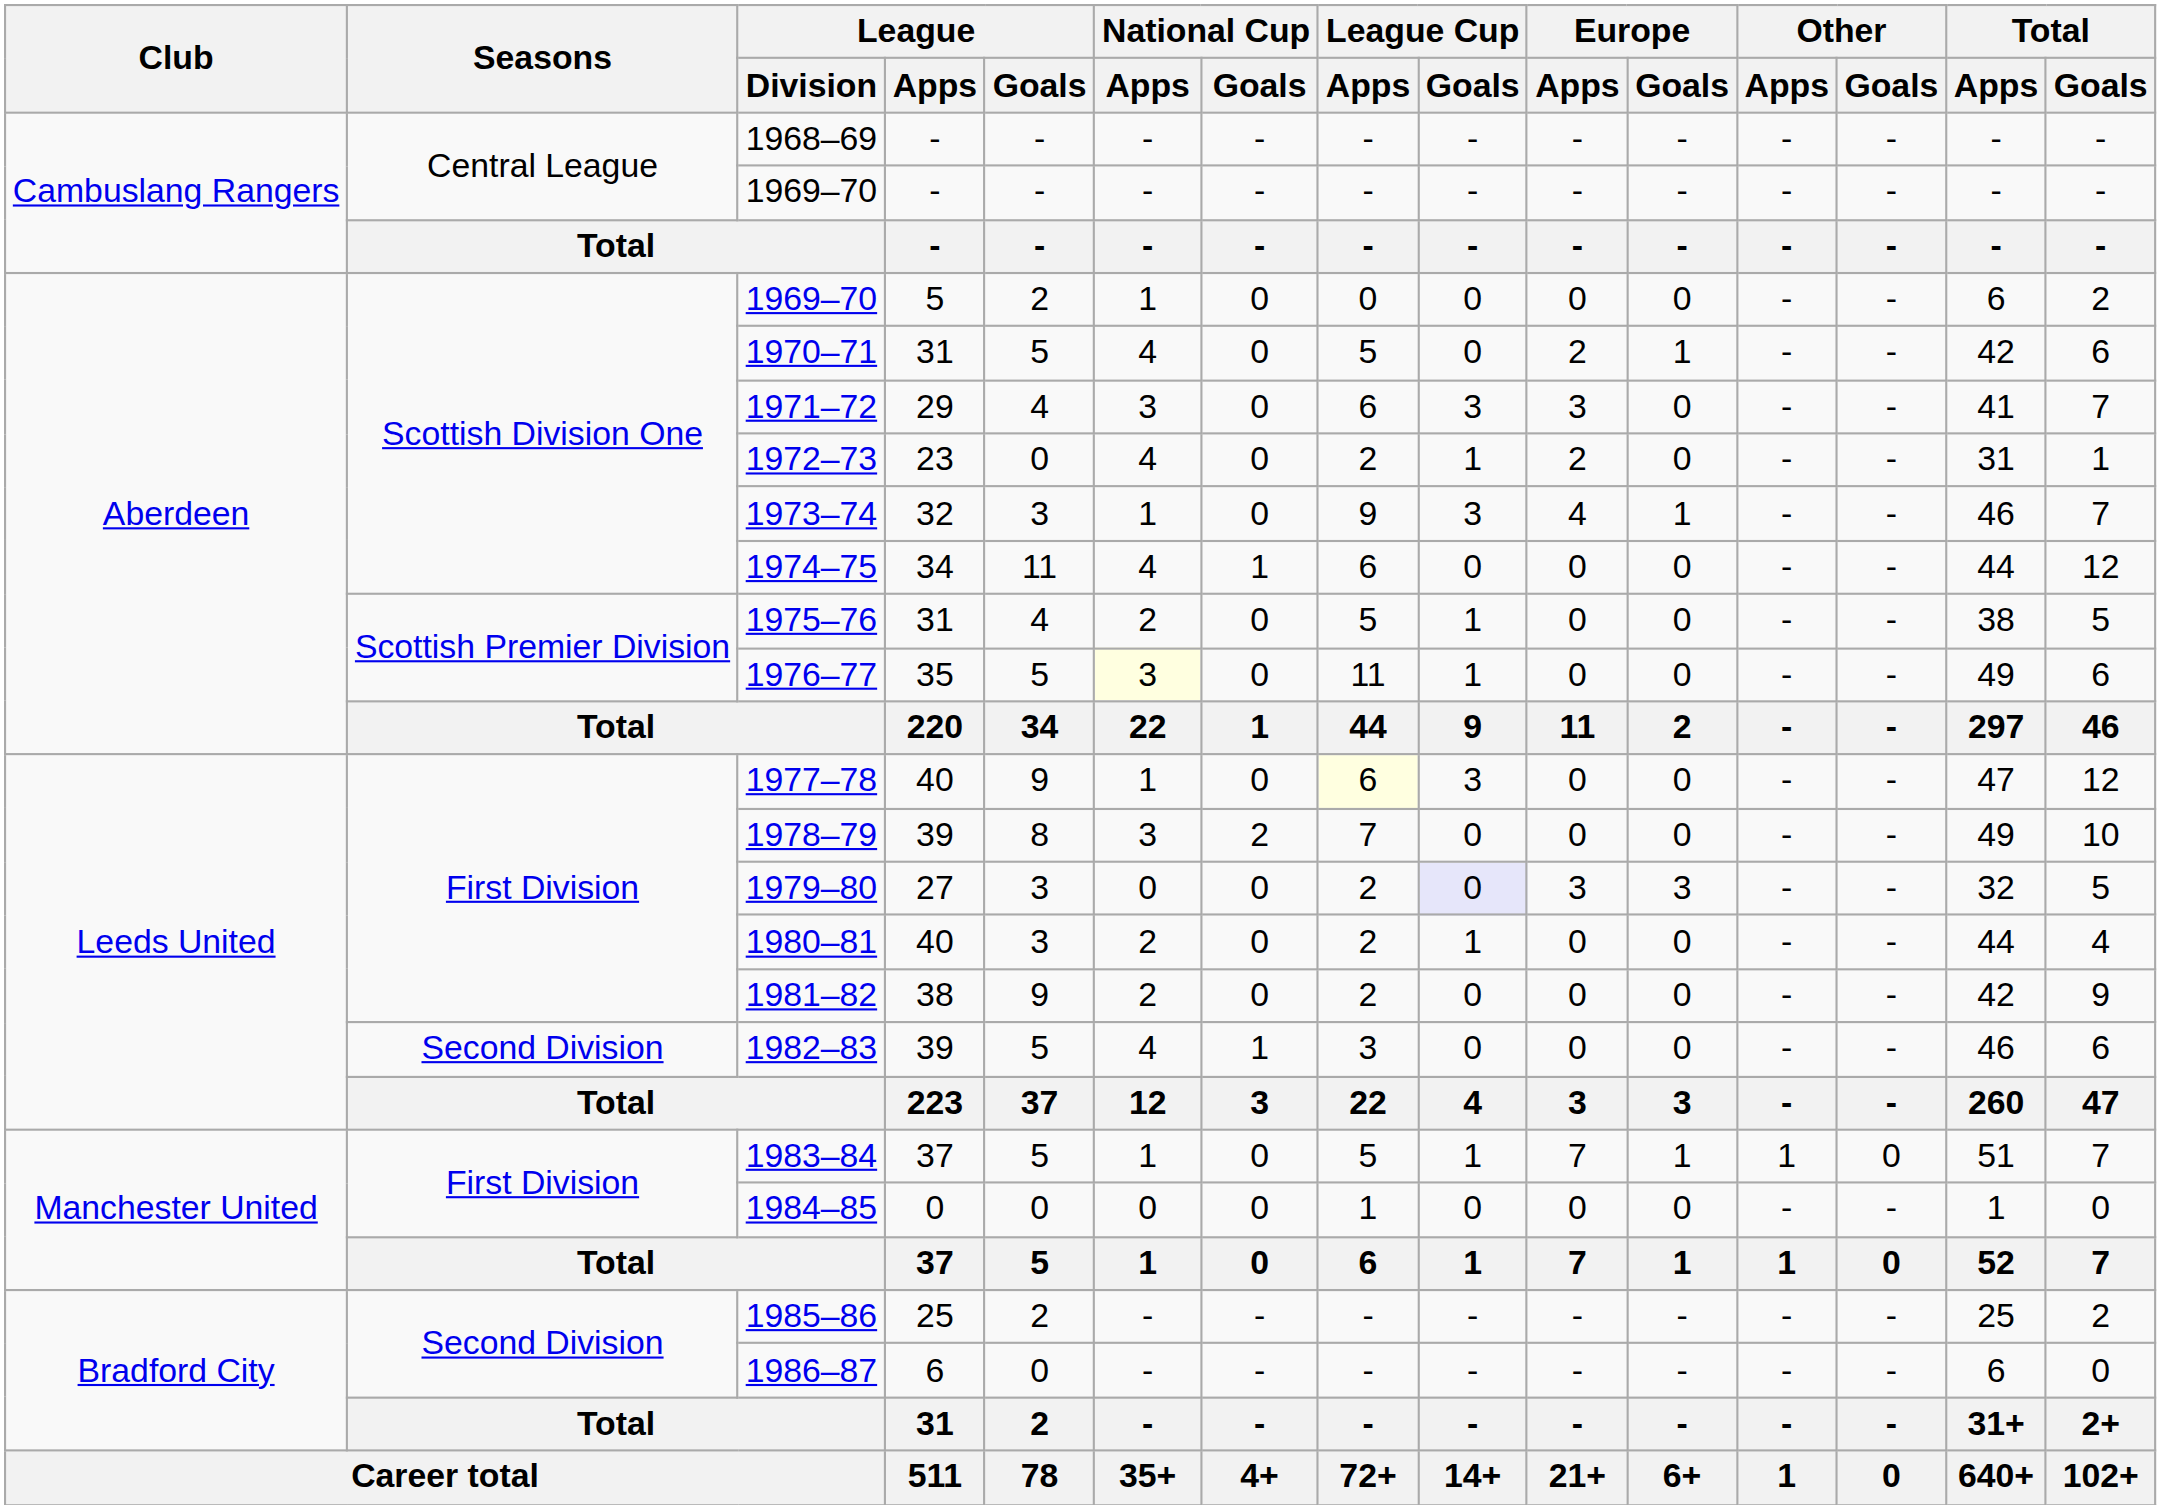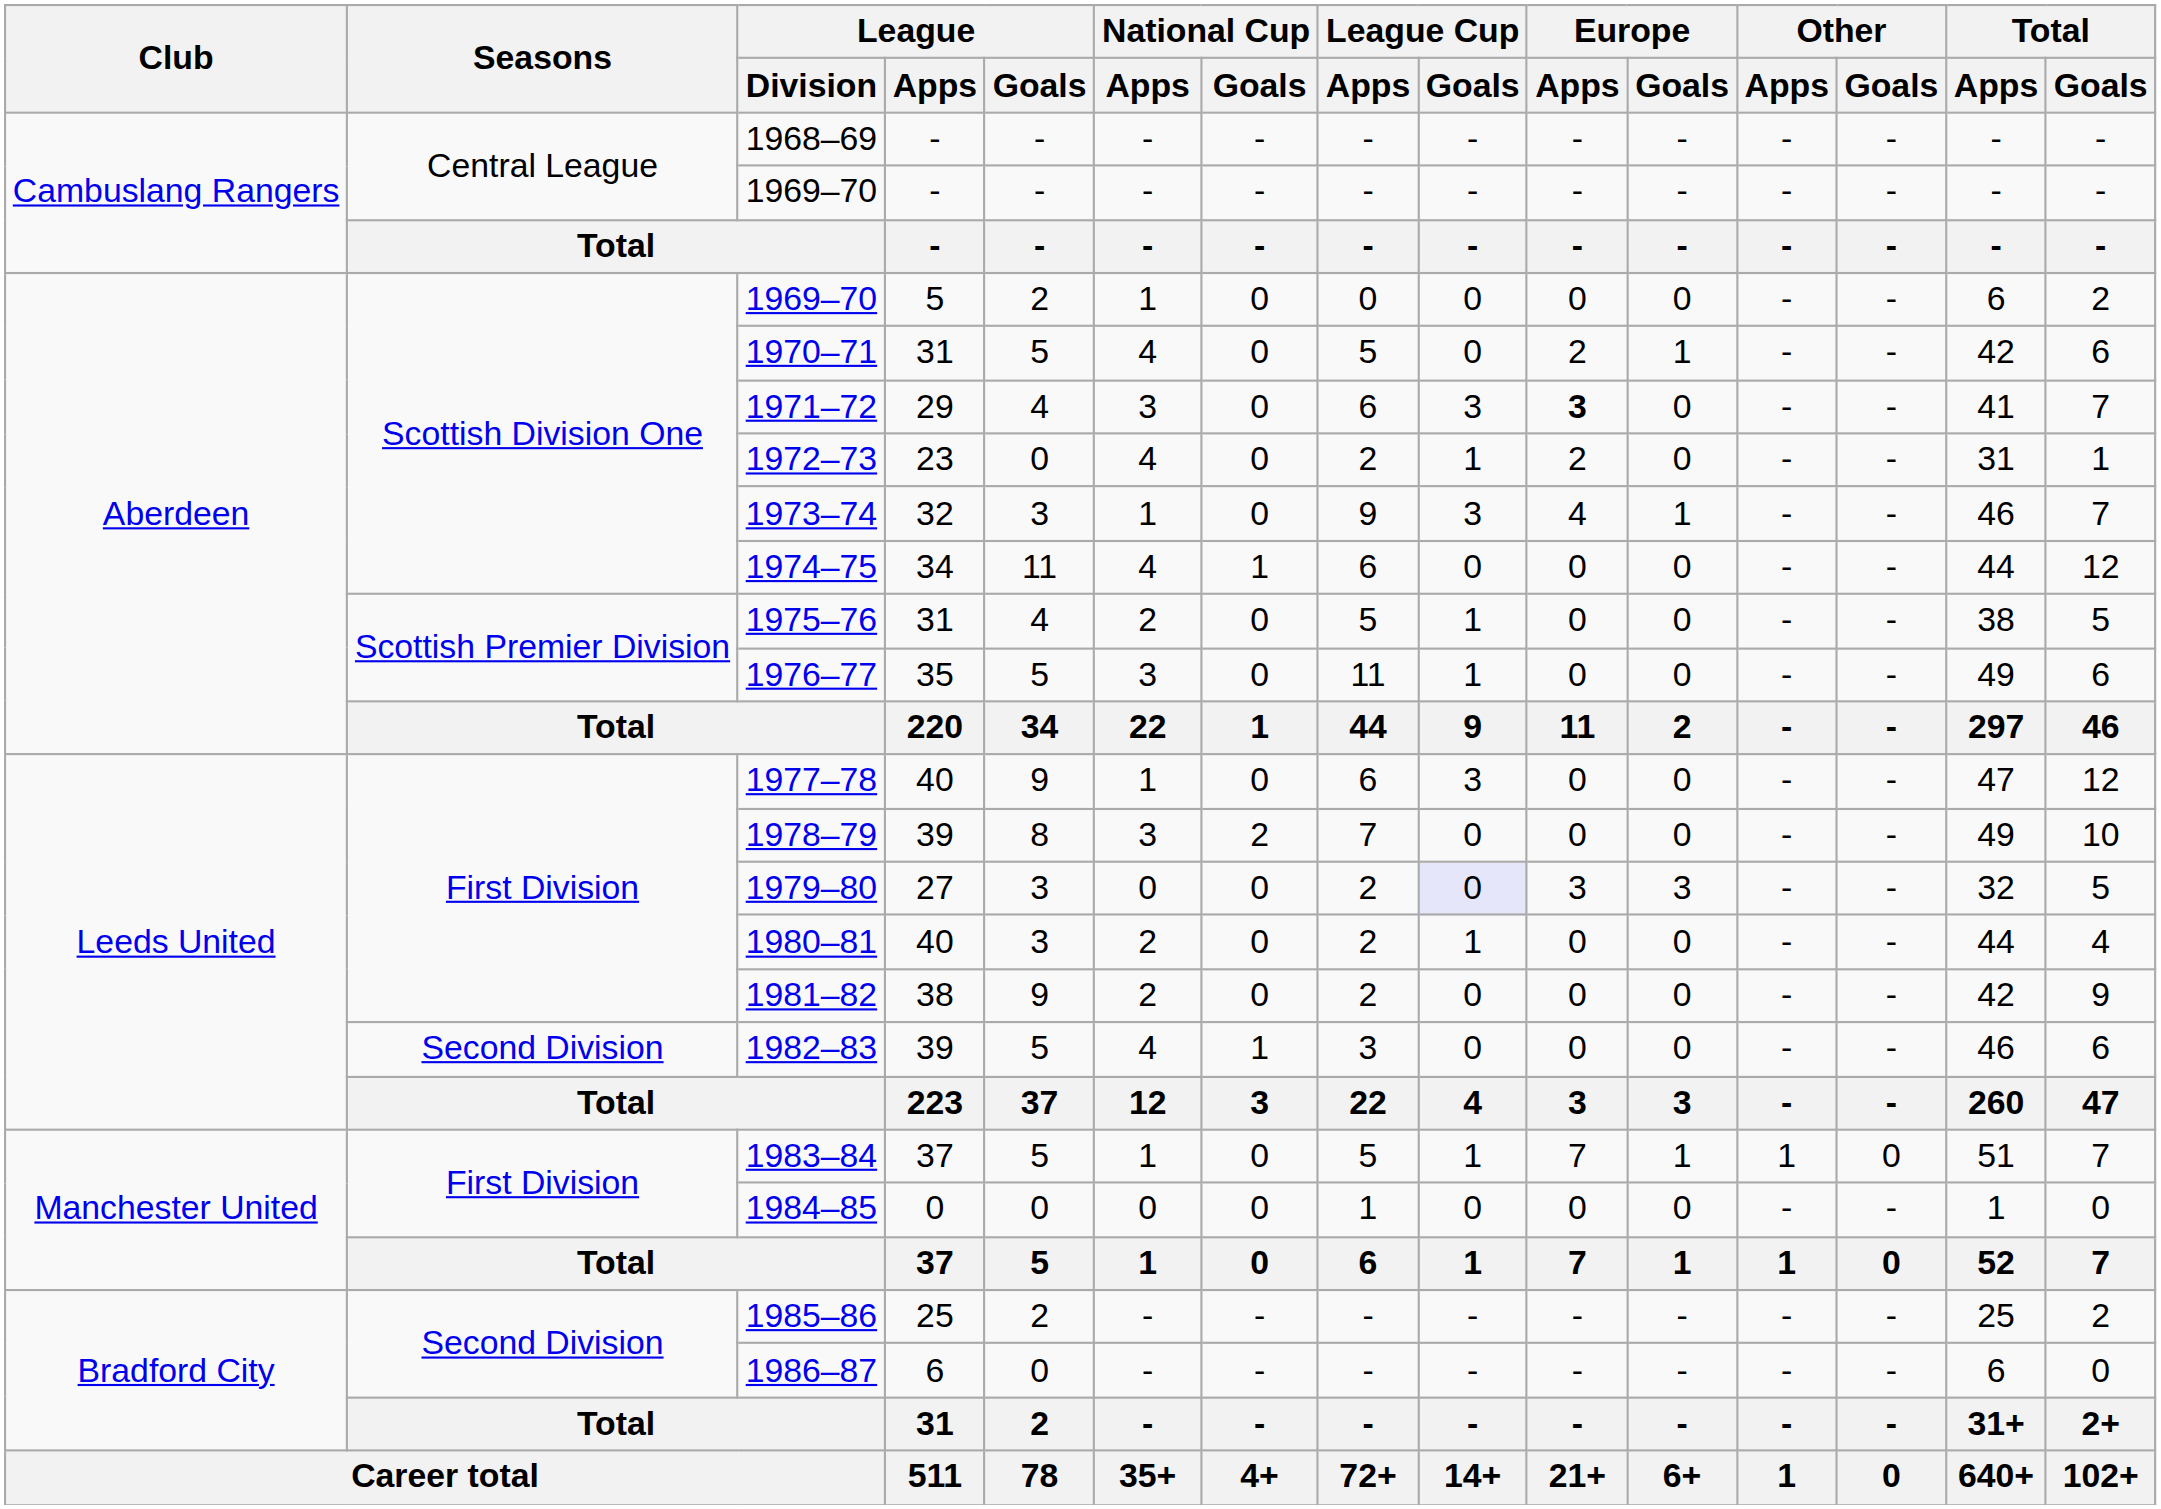 <table class="wikitable"  style="text-align:center">
 <tr>
 <th rowspan="2">Club</th>
 <th rowspan="2">Seasons</th>
 <th colspan="3">League</th>
 <th colspan="2">National Cup</th>
 <th colspan="2">League Cup</th>
 <th colspan="2">Europe</th>
 <th colspan="2">Other</th>
 <th colspan="2">Total</th>
 </tr>
 <tr>
 <th>Division</th>
 <th>Apps</th>
 <th>Goals</th>
 <th>Apps</th>
 <th>Goals</th>
 <th>Apps</th>
 <th>Goals</th>
 <th>Apps</th>
 <th>Goals</th>
 <th>Apps</th>
 <th>Goals</th>
 <th>Apps</th>
 <th>Goals</th>
 </tr>
 <tr>
 <td rowspan="3"><a href='#'>Cambuslang Rangers</a></td>
 <td rowspan="2">Central League</td>
 <td>1968–69</td>
 <td>-</td>
 <td>-</td>
 <td>-</td>
 <td>-</td>
 <td>-</td>
 <td>-</td>
 <td>-</td>
 <td>-</td>
 <td>-</td>
 <td>-</td>
 <td>-</td>
 <td>-</td>
 </tr>
 <tr>
 <td>1969–70</td>
 <td>-</td>
 <td>-</td>
 <td>-</td>
 <td>-</td>
 <td>-</td>
 <td>-</td>
 <td>-</td>
 <td>-</td>
 <td>-</td>
 <td>-</td>
 <td>-</td>
 <td>-</td>
 </tr>
 <tr>
 <th colspan="2">Total</th>
 <th>-</th>
 <th>-</th>
 <th>-</th>
 <th>-</th>
 <th>-</th>
 <th>-</th>
 <th>-</th>
 <th>-</th>
 <th>-</th>
 <th>-</th>
 <th>-</th>
 <th>-</th>
 </tr>
 <tr>
 <td rowspan="9"><a href='#'>Aberdeen</a></td>
 <td rowspan="6"><a href='#'>Scottish Division One</a></td>
 <td><a href='#'>1969–70</a></td>
 <td>5</td>
 <td>2</td>
 <td>1</td>
 <td>0</td>
 <td>0</td>
 <td>0</td>
 <td>0</td>
 <td>0</td>
 <td>-</td>
 <td>-</td>
 <td>6</td>
 <td>2</td>
 </tr>
 <tr>
 <td><a href='#'>1970–71</a></td>
 <td>31</td>
 <td>5</td>
 <td>4</td>
 <td>0</td>
 <td>5</td>
 <td>0</td>
 <td>2</td>
 <td>1</td>
 <td>-</td>
 <td>-</td>
 <td>42</td>
 <td>6</td>
 </tr>
 <tr>
 <td><a href='#'>1971–72</a></td>
 <td>29</td>
 <td>4</td>
 <td>3</td>
 <td>0</td>
 <td>6</td>
 <td>3</td>
-<td>3</td>
+<td><strong>3</strong></td>
 <td>0</td>
 <td>-</td>
 <td>-</td>
 <td>41</td>
 <td>7</td>
 </tr>
 <tr>
 <td><a href='#'>1972–73</a></td>
 <td>23</td>
 <td>0</td>
 <td>4</td>
 <td>0</td>
 <td>2</td>
 <td>1</td>
 <td>2</td>
 <td>0</td>
 <td>-</td>
 <td>-</td>
 <td>31</td>
 <td>1</td>
 </tr>
 <tr>
 <td><a href='#'>1973–74</a></td>
 <td>32</td>
 <td>3</td>
 <td>1</td>
 <td>0</td>
 <td>9</td>
 <td>3</td>
 <td>4</td>
 <td>1</td>
 <td>-</td>
 <td>-</td>
 <td>46</td>
 <td>7</td>
 </tr>
 <tr>
 <td><a href='#'>1974–75</a></td>
 <td>34</td>
 <td>11</td>
 <td>4</td>
 <td>1</td>
 <td>6</td>
 <td>0</td>
 <td>0</td>
 <td>0</td>
 <td>-</td>
 <td>-</td>
 <td>44</td>
 <td>12</td>
 </tr>
 <tr>
 <td rowspan="2"><a href='#'>Scottish Premier Division</a></td>
 <td><a href='#'>1975–76</a></td>
 <td>31</td>
 <td>4</td>
 <td>2</td>
 <td>0</td>
 <td>5</td>
 <td>1</td>
 <td>0</td>
 <td>0</td>
 <td>-</td>
 <td>-</td>
 <td>38</td>
 <td>5</td>
 </tr>
 <tr>
 <td><a href='#'>1976–77</a></td>
 <td>35</td>
 <td>5</td>
-<td style="background: lightyellow;">3</td>
+<td>3</td>
 <td>0</td>
 <td>11</td>
 <td>1</td>
 <td>0</td>
 <td>0</td>
 <td>-</td>
 <td>-</td>
 <td>49</td>
 <td>6</td>
 </tr>
 <tr>
 <th colspan="2">Total</th>
 <th>220</th>
 <th>34</th>
 <th>22</th>
 <th>1</th>
 <th>44</th>
 <th>9</th>
 <th>11</th>
 <th>2</th>
 <th>-</th>
 <th>-</th>
 <th>297</th>
 <th>46</th>
 </tr>
 <tr>
 <td rowspan="7"><a href='#'>Leeds United</a></td>
 <td rowspan="5"><a href='#'>First Division</a></td>
 <td><a href='#'>1977–78</a></td>
 <td>40</td>
 <td>9</td>
 <td>1</td>
 <td>0</td>
-<td style="background: lightyellow;">6</td>
+<td>6</td>
 <td>3</td>
 <td>0</td>
 <td>0</td>
 <td>-</td>
 <td>-</td>
 <td>47</td>
 <td>12</td>
 </tr>
 <tr>
 <td><a href='#'>1978–79</a></td>
 <td>39</td>
 <td>8</td>
 <td>3</td>
 <td>2</td>
 <td>7</td>
 <td>0</td>
 <td>0</td>
 <td>0</td>
 <td>-</td>
 <td>-</td>
 <td>49</td>
 <td>10</td>
 </tr>
 <tr>
 <td><a href='#'>1979–80</a></td>
 <td>27</td>
 <td>3</td>
 <td>0</td>
 <td>0</td>
 <td>2</td>
 <td style="background: lavender;">0</td>
 <td>3</td>
 <td>3</td>
 <td>-</td>
 <td>-</td>
 <td>32</td>
 <td>5</td>
 </tr>
 <tr>
 <td><a href='#'>1980–81</a></td>
 <td>40</td>
 <td>3</td>
 <td>2</td>
 <td>0</td>
 <td>2</td>
 <td>1</td>
 <td>0</td>
 <td>0</td>
 <td>-</td>
 <td>-</td>
 <td>44</td>
 <td>4</td>
 </tr>
 <tr>
 <td><a href='#'>1981–82</a></td>
 <td>38</td>
 <td>9</td>
 <td>2</td>
 <td>0</td>
 <td>2</td>
 <td>0</td>
 <td>0</td>
 <td>0</td>
 <td>-</td>
 <td>-</td>
 <td>42</td>
 <td>9</td>
 </tr>
 <tr>
 <td><a href='#'>Second Division</a></td>
 <td><a href='#'>1982–83</a></td>
 <td>39</td>
 <td>5</td>
 <td>4</td>
 <td>1</td>
 <td>3</td>
 <td>0</td>
 <td>0</td>
 <td>0</td>
 <td>-</td>
 <td>-</td>
 <td>46</td>
 <td>6</td>
 </tr>
 <tr>
 <th colspan="2">Total</th>
 <th>223</th>
 <th>37</th>
 <th>12</th>
 <th>3</th>
 <th>22</th>
 <th>4</th>
 <th>3</th>
 <th>3</th>
 <th>-</th>
 <th>-</th>
 <th>260</th>
 <th>47</th>
 </tr>
 <tr>
 <td rowspan="3"><a href='#'>Manchester United</a></td>
 <td rowspan="2"><a href='#'>First Division</a></td>
 <td><a href='#'>1983–84</a></td>
 <td>37</td>
 <td>5</td>
 <td>1</td>
 <td>0</td>
 <td>5</td>
 <td>1</td>
 <td>7</td>
 <td>1</td>
 <td>1</td>
 <td>0</td>
 <td>51</td>
 <td>7</td>
 </tr>
 <tr>
 <td><a href='#'>1984–85</a></td>
 <td>0</td>
 <td>0</td>
 <td>0</td>
 <td>0</td>
 <td>1</td>
 <td>0</td>
 <td>0</td>
 <td>0</td>
 <td>-</td>
 <td>-</td>
 <td>1</td>
 <td>0</td>
 </tr>
 <tr>
 <th colspan="2">Total</th>
 <th>37</th>
 <th>5</th>
 <th>1</th>
 <th>0</th>
 <th>6</th>
 <th>1</th>
 <th>7</th>
 <th>1</th>
 <th>1</th>
 <th>0</th>
 <th>52</th>
 <th>7</th>
 </tr>
 <tr>
 <td rowspan="3"><a href='#'>Bradford City</a></td>
 <td rowspan="2"><a href='#'>Second Division</a></td>
 <td><a href='#'>1985–86</a></td>
 <td>25</td>
 <td>2</td>
 <td>-</td>
 <td>-</td>
 <td>-</td>
 <td>-</td>
 <td>-</td>
 <td>-</td>
 <td>-</td>
 <td>-</td>
 <td>25</td>
 <td>2</td>
 </tr>
 <tr>
 <td><a href='#'>1986–87</a></td>
 <td>6</td>
 <td>0</td>
 <td>-</td>
 <td>-</td>
 <td>-</td>
 <td>-</td>
 <td>-</td>
 <td>-</td>
 <td>-</td>
 <td>-</td>
 <td>6</td>
 <td>0</td>
 </tr>
 <tr>
 <th colspan="2">Total</th>
 <th>31</th>
 <th>2</th>
 <th>-</th>
 <th>-</th>
 <th>-</th>
 <th>-</th>
 <th>-</th>
 <th>-</th>
 <th>-</th>
 <th>-</th>
 <th>31+</th>
 <th>2+</th>
 </tr>
 <tr>
 <th colspan="3">Career total</th>
 <th>511</th>
 <th>78</th>
 <th>35+</th>
 <th>4+</th>
 <th>72+</th>
 <th>14+</th>
 <th>21+</th>
 <th>6+</th>
 <th>1</th>
 <th>0</th>
 <th>640+</th>
 <th>102+</th>
 </tr>
 </table>
